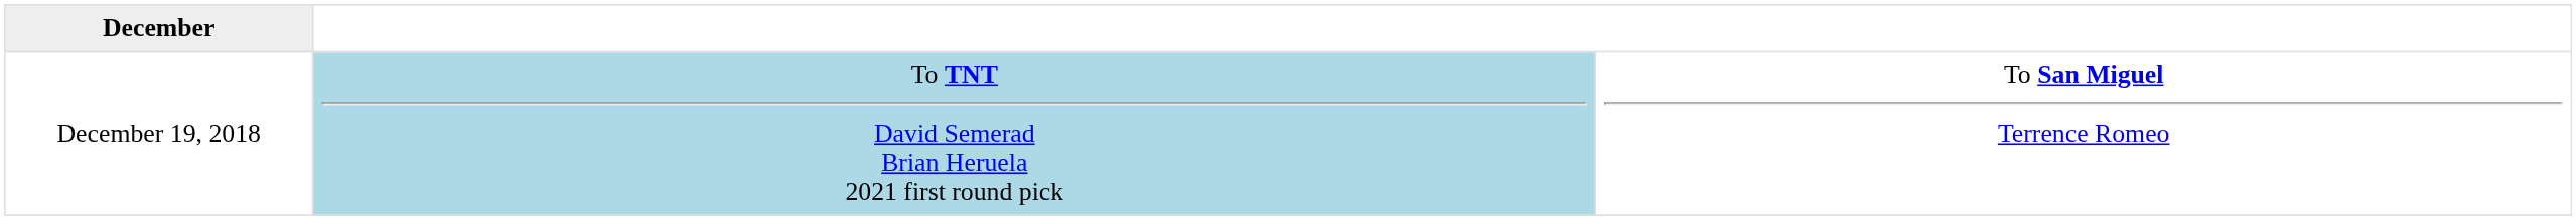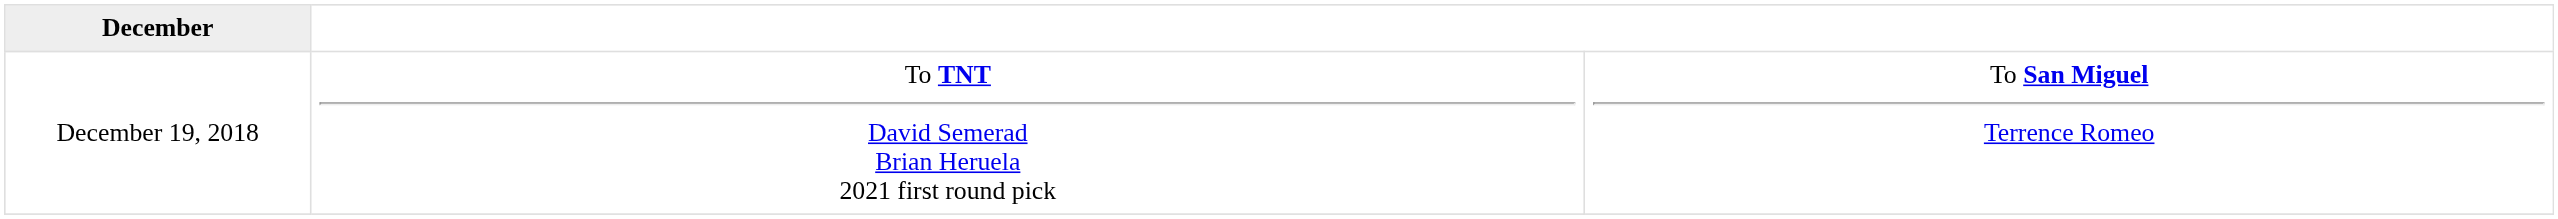 <table border=1 style="border-collapse:collapse; text-align: center; width: 100%" bordercolor="#DFDFDF"  cellpadding="5">
 <tr bgcolor="eeeeee">
 <th>December</th>
 </tr>
 <tr>
 <td style="width:12%">December 19, 2018</td>
-<td style="background: lightblue; width:50%" valign="top">To <strong><a href='#'>TNT</a></strong><hr><a href='#'>David Semerad</a><br><a href='#'>Brian Heruela</a><br>2021 first round pick</td>
+<td style="width:50%" valign="top">To <strong><a href='#'>TNT</a></strong><hr><a href='#'>David Semerad</a><br><a href='#'>Brian Heruela</a><br>2021 first round pick</td>
 <td style="width:50%" valign="top">To <strong><a href='#'>San Miguel</a></strong><hr><a href='#'>Terrence Romeo</a></td>
 </tr>
 </table>
